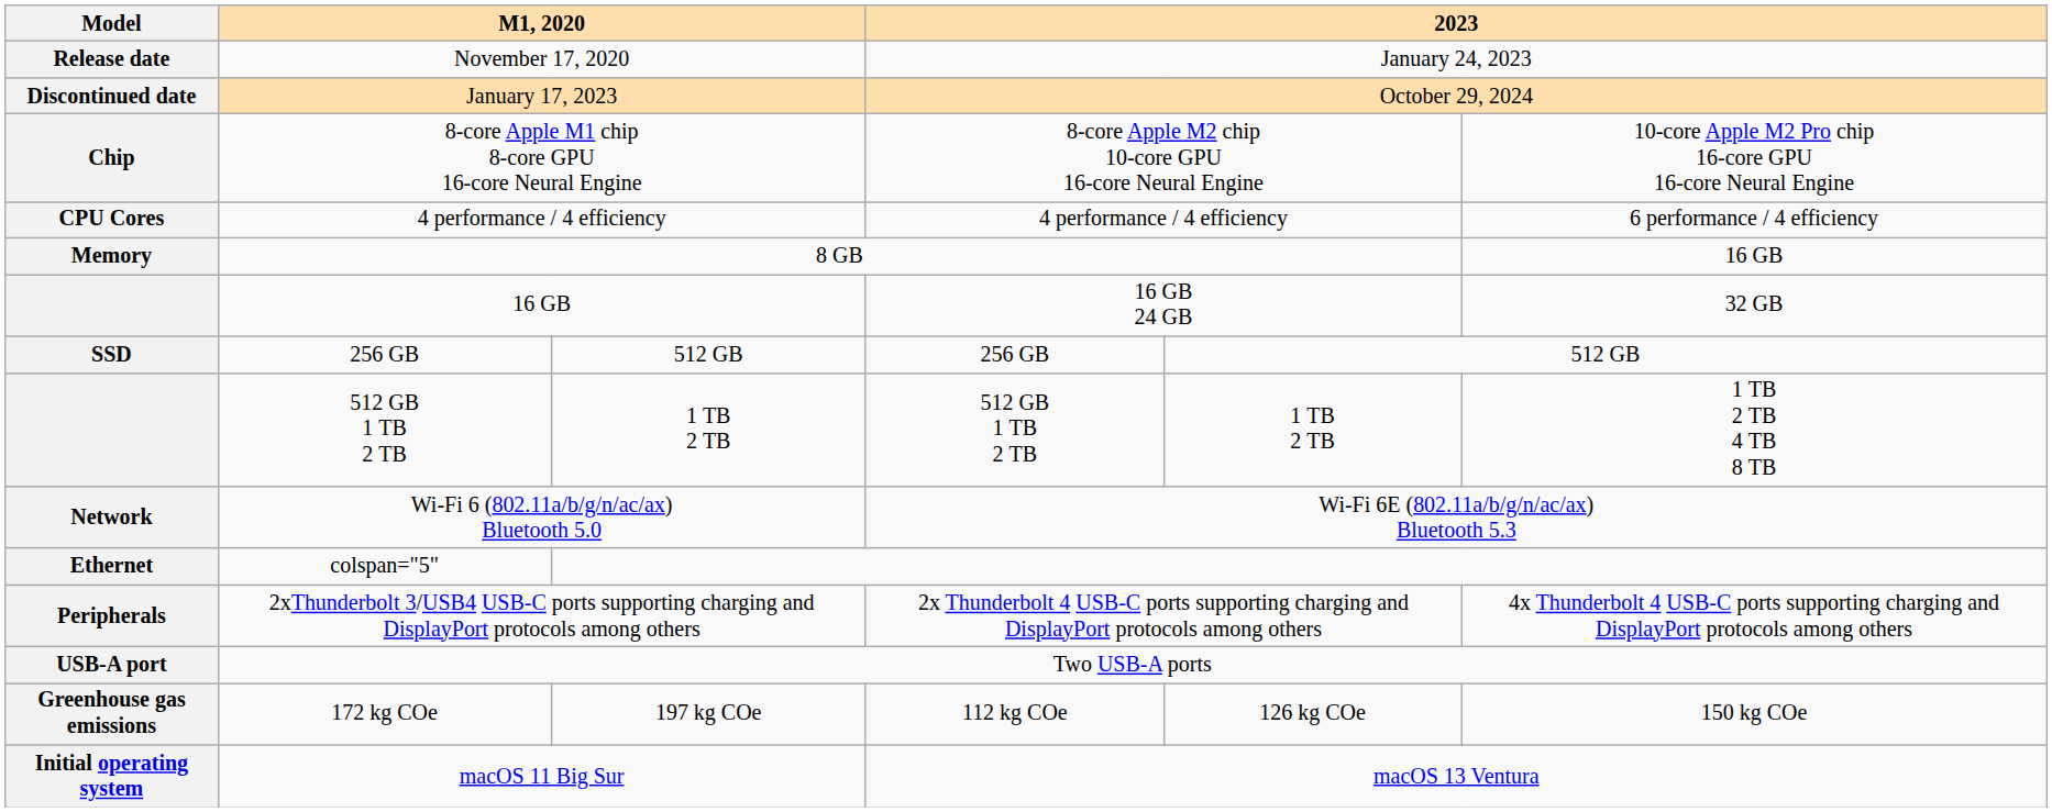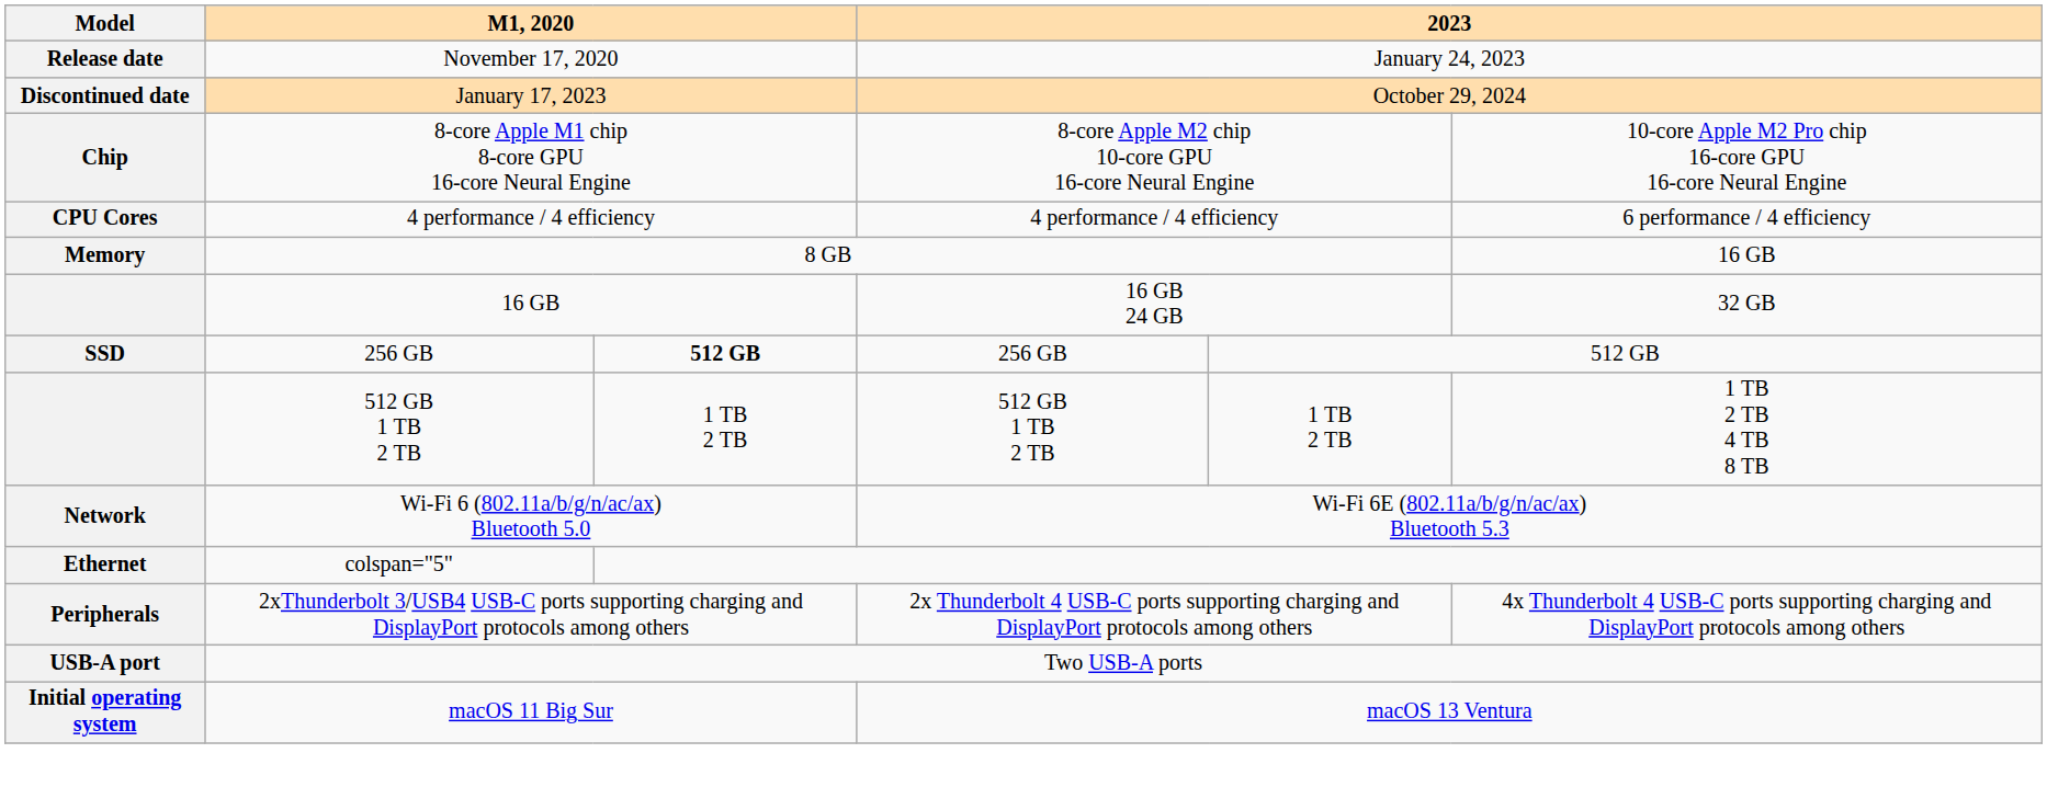 <table class="wikitable collapsible" style="text-align:center; width:100%; font-size: 85%">
 <tr>
 <th>Model</th>
 <th colspan="2" style="background:#ffdead">M1, 2020</th>
 <th colspan="3" style="background:#ffdead">2023</th>
 </tr>
 <tr>
 <th>Release date</th>
 <td colspan="2">November 17, 2020</td>
 <td colspan="3">January 24, 2023</td>
 </tr>
 <tr>
 <th>Discontinued date</th>
 <td colspan="2" style="background:#ffdead">January 17, 2023</td>
 <td colspan="3" style="background:#ffdead">October 29, 2024</td>
 </tr>
 <tr>
 <th>Chip</th>
 <td colspan="2">8-core <a href='#'>Apple M1</a> chip<br>8-core GPU<br>16-core Neural Engine</td>
 <td colspan="2">8-core <a href='#'>Apple M2</a> chip<br>10-core GPU<br>16-core Neural Engine</td>
 <td>10-core <a href='#'>Apple M2 Pro</a> chip<br>16-core GPU<br>16-core Neural Engine<br></td>
 </tr>
 <tr>
 <th>CPU Cores</th>
 <td colspan="2">4 performance / 4 efficiency</td>
 <td colspan="2">4 performance / 4 efficiency</td>
 <td>6 performance / 4 efficiency</td>
 </tr>
 <tr>
 <th>Memory</th>
 <td colspan="4">8 GB</td>
 <td>16 GB</td>
 </tr>
 <tr>
 <th></th>
 <td colspan="2">16 GB</td>
 <td colspan="2">16 GB<br>24 GB</td>
 <td>32 GB</td>
 </tr>
 <tr>
 <th>SSD</th>
 <td>256 GB</td>
-<td>512 GB</td>
+<td><strong>512 GB</strong></td>
 <td>256 GB</td>
 <td colspan="2">512 GB</td>
 </tr>
 <tr>
 <th></th>
 <td>512 GB<br>1 TB<br>2 TB</td>
 <td>1 TB<br>2 TB</td>
 <td>512 GB<br>1 TB<br>2 TB</td>
 <td>1 TB<br>2 TB</td>
 <td>1 TB<br>2 TB<br>4 TB<br>8 TB</td>
 </tr>
 <tr>
 <th>Network</th>
 <td colspan="2">Wi-Fi 6 (<a href='#'>802.11a/b/g/n/ac/ax</a>)<br><a href='#'>Bluetooth 5.0</a></td>
 <td colspan="3">Wi-Fi 6E (<a href='#'>802.11a/b/g/n/ac/ax</a>)<br><a href='#'>Bluetooth 5.3</a></td>
 </tr>
 <tr>
 <th>Ethernet</th>
 <td>colspan="5" </td>
 </tr>
 <tr>
 <th>Peripherals</th>
 <td colspan="2">2x<a href='#'>Thunderbolt 3</a>/<a href='#'>USB4</a> <a href='#'>USB-C</a> ports supporting charging and <a href='#'>DisplayPort</a> protocols among others</td>
 <td colspan="2">2x <a href='#'>Thunderbolt 4</a> <a href='#'>USB-C</a> ports supporting charging and <a href='#'>DisplayPort</a> protocols among others</td>
 <td>4x <a href='#'>Thunderbolt 4</a> <a href='#'>USB-C</a> ports supporting charging and <a href='#'>DisplayPort</a> protocols among others</td>
 </tr>
 <tr>
 <th>USB-A port</th>
 <td colspan="5">Two <a href='#'>USB-A</a> ports</td>
 </tr>
 <tr>
-<th>Greenhouse gas emissions</th>
-<td>172 kg COe</td>
-<td>197 kg COe</td>
-<td>112 kg COe</td>
-<td>126 kg COe</td>
-<td>150 kg COe</td>
-</tr>
-<tr>
 <th>Initial <a href='#'>operating system</a></th>
 <td colspan="2"><a href='#'>macOS 11 Big Sur</a></td>
 <td colspan="3"><a href='#'>macOS 13 Ventura</a></td>
 </tr>
 </table>
